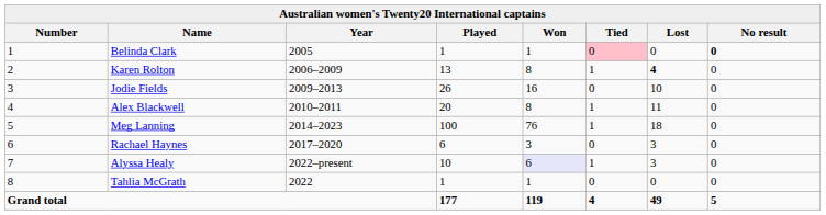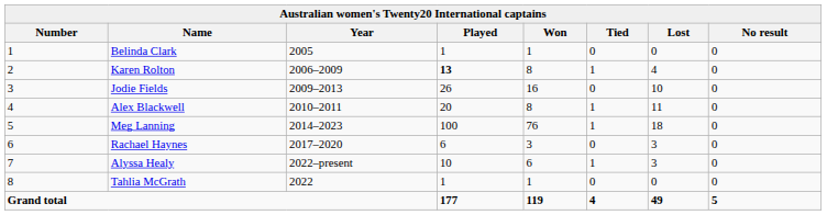 <table class="wikitable sortable" style="width:70%;">
 <tr>
 <th style="background:#efefef;" colspan="8">Australian women's Twenty20 International captains</th>
 </tr>
 <tr style="background:#efefef;">
 <th>Number</th>
 <th>Name</th>
 <th>Year</th>
 <th>Played</th>
 <th>Won</th>
 <th>Tied</th>
 <th>Lost</th>
 <th>No result</th>
 </tr>
 <tr>
 <td>1</td>
 <td><a href='#'>Belinda Clark</a></td>
 <td>2005</td>
 <td>1</td>
 <td>1</td>
-<td style="background: pink;">0</td>
 <td>0</td>
-<td><strong>0</strong></td>
+<td>0</td>
+<td>0</td>
 </tr>
 <tr>
 <td>2</td>
 <td><a href='#'>Karen Rolton</a></td>
 <td>2006–2009</td>
-<td>13</td>
+<td><strong>13</strong></td>
 <td>8</td>
 <td>1</td>
-<td><strong>4</strong></td>
+<td>4</td>
 <td>0</td>
 </tr>
 <tr>
 <td>3</td>
 <td><a href='#'>Jodie Fields</a></td>
 <td>2009–2013</td>
 <td>26</td>
 <td>16</td>
 <td>0</td>
 <td>10</td>
 <td>0</td>
 </tr>
 <tr>
 <td>4</td>
 <td><a href='#'>Alex Blackwell</a></td>
 <td>2010–2011</td>
 <td>20</td>
 <td>8</td>
 <td>1</td>
 <td>11</td>
 <td>0</td>
 </tr>
 <tr>
 <td>5</td>
 <td><a href='#'>Meg Lanning</a></td>
 <td>2014–2023</td>
 <td>100</td>
 <td>76</td>
 <td>1</td>
 <td>18</td>
 <td>0</td>
 </tr>
 <tr>
 <td>6</td>
 <td><a href='#'>Rachael Haynes</a></td>
 <td>2017–2020</td>
 <td>6</td>
 <td>3</td>
 <td>0</td>
 <td>3</td>
 <td>0</td>
 </tr>
 <tr>
 <td>7</td>
 <td><a href='#'>Alyssa Healy</a></td>
 <td>2022–present</td>
 <td>10</td>
-<td style="background: lavender;">6</td>
+<td>6</td>
 <td>1</td>
 <td>3</td>
 <td>0</td>
 </tr>
 <tr>
 <td>8</td>
 <td><a href='#'>Tahlia McGrath</a></td>
 <td>2022</td>
 <td>1</td>
 <td>1</td>
 <td>0</td>
 <td>0</td>
 <td>0</td>
 </tr>
 <tr>
 <td colspan="3"><strong>Grand total</strong></td>
 <td><strong>177</strong></td>
 <td><strong>119</strong></td>
 <td><strong>4</strong></td>
 <td><strong>49</strong></td>
 <td><strong>5</strong></td>
 </tr>
 </table>
